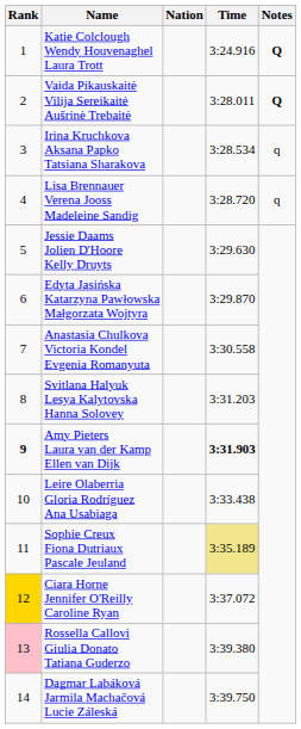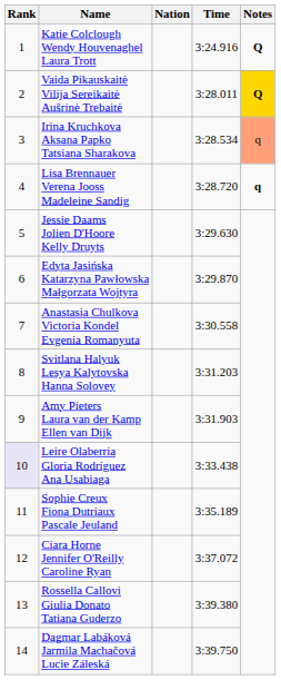 <table class="wikitable sortable" style="text-align:center">
 <tr>
 <th>Rank</th>
 <th>Name</th>
 <th>Nation</th>
 <th>Time</th>
 <th>Notes</th>
 </tr>
 <tr>
 <td>1</td>
 <td align=left><a href='#'>Katie Colclough</a><br><a href='#'>Wendy Houvenaghel</a><br> <a href='#'>Laura Trott</a></td>
 <td align=left></td>
 <td>3:24.916</td>
 <td><strong>Q</strong></td>
 </tr>
 <tr>
 <td>2</td>
 <td align=left><a href='#'>Vaida Pikauskaitė</a><br><a href='#'>Vilija Sereikaitė</a><br><a href='#'>Aušrinė Trebaitė</a></td>
 <td align=left></td>
 <td>3:28.011</td>
-<td><strong>Q</strong></td>
+<td style="background: gold;"><strong>Q</strong></td>
 </tr>
 <tr>
 <td>3</td>
 <td align=left><a href='#'>Irina Kruchkova</a><br><a href='#'>Aksana Papko</a><br><a href='#'>Tatsiana Sharakova</a></td>
 <td align=left></td>
 <td>3:28.534</td>
-<td>q</td>
+<td style="background: lightsalmon;">q</td>
 </tr>
 <tr>
 <td>4</td>
 <td align=left><a href='#'>Lisa Brennauer</a><br><a href='#'>Verena Jooss</a><br><a href='#'>Madeleine Sandig</a></td>
 <td align=left></td>
 <td>3:28.720</td>
-<td>q</td>
+<td><strong>q</strong></td>
 </tr>
 <tr>
 <td>5</td>
 <td align=left><a href='#'>Jessie Daams</a><br><a href='#'>Jolien D'Hoore</a><br><a href='#'>Kelly Druyts</a></td>
 <td align=left></td>
 <td>3:29.630</td>
 </tr>
 <tr>
 <td>6</td>
 <td align=left><a href='#'>Edyta Jasińska</a><br><a href='#'>Katarzyna Pawłowska</a><br><a href='#'>Małgorzata Wojtyra</a></td>
 <td align=left></td>
 <td>3:29.870</td>
 </tr>
 <tr>
 <td>7</td>
 <td align=left><a href='#'>Anastasia Chulkova</a><br><a href='#'>Victoria Kondel</a><br><a href='#'>Evgenia Romanyuta</a></td>
 <td align=left></td>
 <td>3:30.558</td>
 </tr>
 <tr>
 <td>8</td>
 <td align=left><a href='#'>Svitlana Halyuk</a><br><a href='#'>Lesya Kalytovska</a><br><a href='#'>Hanna Solovey</a></td>
 <td align=left></td>
 <td>3:31.203</td>
 </tr>
 <tr>
-<td><strong>9</strong></td>
+<td>9</td>
 <td align=left><a href='#'>Amy Pieters</a><br><a href='#'>Laura van der Kamp</a><br><a href='#'>Ellen van Dijk</a></td>
 <td align=left></td>
-<td><strong>3:31.903</strong></td>
+<td>3:31.903</td>
 </tr>
 <tr>
-<td>10</td>
+<td style="background: lavender;">10</td>
 <td align=left><a href='#'>Leire Olaberria</a> <br><a href='#'>Gloria Rodríguez</a><br><a href='#'>Ana Usabiaga</a></td>
 <td align=left></td>
 <td>3:33.438</td>
 </tr>
 <tr>
 <td>11</td>
 <td align=left><a href='#'>Sophie Creux</a><br><a href='#'>Fiona Dutriaux</a><br><a href='#'>Pascale Jeuland</a></td>
 <td align=left></td>
-<td style="background: khaki;">3:35.189</td>
+<td>3:35.189</td>
 </tr>
 <tr>
-<td style="background: gold;">12</td>
+<td>12</td>
 <td align=left><a href='#'>Ciara Horne</a><br><a href='#'>Jennifer O'Reilly</a><br><a href='#'>Caroline Ryan</a></td>
 <td align=left></td>
 <td>3:37.072</td>
 </tr>
 <tr>
-<td style="background: pink;">13</td>
+<td>13</td>
 <td align=left><a href='#'>Rossella Callovi</a><br><a href='#'>Giulia Donato</a> <br><a href='#'>Tatiana Guderzo</a></td>
 <td align=left></td>
 <td>3:39.380</td>
 </tr>
 <tr>
 <td>14</td>
 <td align=left><a href='#'>Dagmar Labáková</a><br><a href='#'>Jarmila Machačová</a><br><a href='#'>Lucie Záleská</a></td>
 <td align=left></td>
 <td>3:39.750</td>
 </tr>
 </table>
